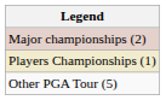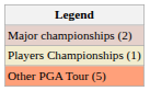 <table class="wikitable" style="font-size:95%;">
 <tr>
 <th>Legend</th>
 </tr>
 <tr style="background:#e5d1cb;">
 <td>Major championships (2)</td>
 </tr>
 <tr style="background:#f2ecce;">
 <td>Players Championships (1)</td>
 </tr>
 <tr>
-<td>Other PGA Tour (5)</td>
+<td style="background: lightsalmon;">Other PGA Tour (5)</td>
 </tr>
 </table>
